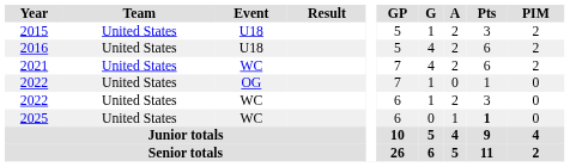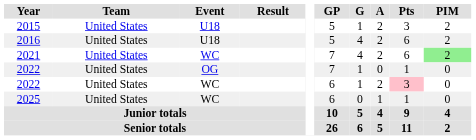 <table border="0" cellpadding="1" cellspacing="0" style="text-align:center; width:40em">
 <tr ALIGN="centre" bgcolor="#e0e0e0">
 <th>Year</th>
 <th>Team</th>
 <th>Event</th>
 <th>Result</th>
 <th rowspan="97" bgcolor="#ffffff"> </th>
 <th>GP</th>
 <th>G</th>
 <th>A</th>
 <th>Pts</th>
 <th>PIM</th>
 </tr>
 <tr>
 <td><a href='#'>2015</a></td>
 <td><a href='#'>United States</a></td>
 <td><a href='#'>U18</a></td>
 <td></td>
 <td>5</td>
 <td>1</td>
 <td>2</td>
 <td>3</td>
 <td>2</td>
 </tr>
 <tr bgcolor="#f0f0f0">
 <td><a href='#'>2016</a></td>
 <td>United States</td>
 <td>U18</td>
 <td></td>
 <td>5</td>
 <td>4</td>
 <td>2</td>
 <td>6</td>
 <td>2</td>
 </tr>
 <tr>
 <td><a href='#'>2021</a></td>
 <td><a href='#'>United States</a></td>
 <td><a href='#'>WC</a></td>
 <td></td>
 <td>7</td>
 <td>4</td>
 <td>2</td>
 <td>6</td>
-<td>2</td>
+<td style="background: lightgreen;">2</td>
 </tr>
 <tr bgcolor="#f0f0f0">
 <td><a href='#'>2022</a></td>
 <td>United States</td>
 <td><a href='#'>OG</a></td>
 <td></td>
 <td>7</td>
 <td>1</td>
 <td>0</td>
 <td>1</td>
 <td>0</td>
 </tr>
 <tr>
 <td><a href='#'>2022</a></td>
 <td>United States</td>
 <td>WC</td>
 <td></td>
 <td>6</td>
 <td>1</td>
 <td>2</td>
-<td>3</td>
+<td style="background: pink;">3</td>
 <td>0</td>
 </tr>
 <tr bgcolor="#f0f0f0">
 <td><a href='#'>2025</a></td>
 <td>United States</td>
 <td>WC</td>
 <td></td>
 <td>6</td>
 <td>0</td>
 <td>1</td>
-<td><strong>1</strong></td>
+<td>1</td>
 <td>0</td>
 </tr>
 <tr ALIGN="center" bgcolor="#e0e0e0">
 <th colspan=4>Junior totals</th>
 <th>10</th>
 <th>5</th>
 <th>4</th>
 <th>9</th>
 <th>4</th>
 </tr>
 <tr ALIGN="center" bgcolor="#e0e0e0">
 <th colspan=4>Senior totals</th>
 <th>26</th>
 <th>6</th>
 <th>5</th>
 <th>11</th>
 <th>2</th>
 </tr>
 </table>
